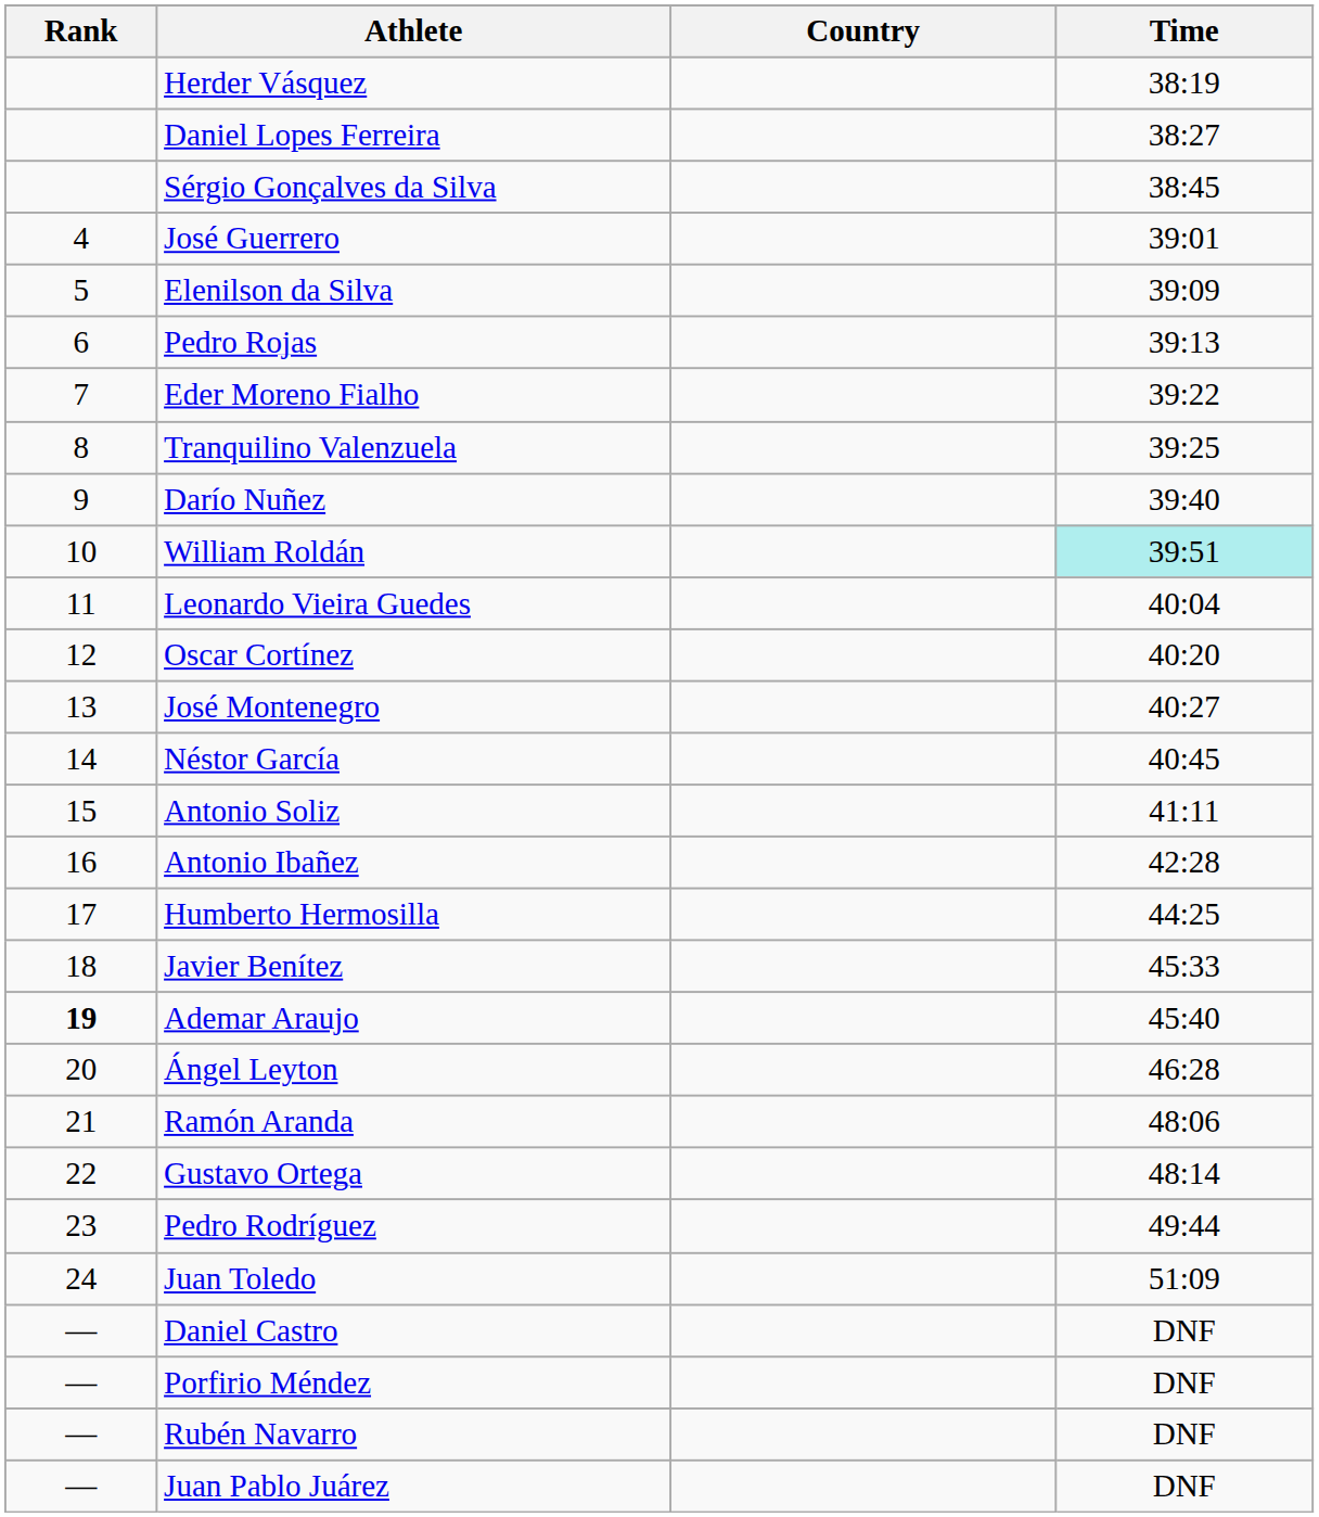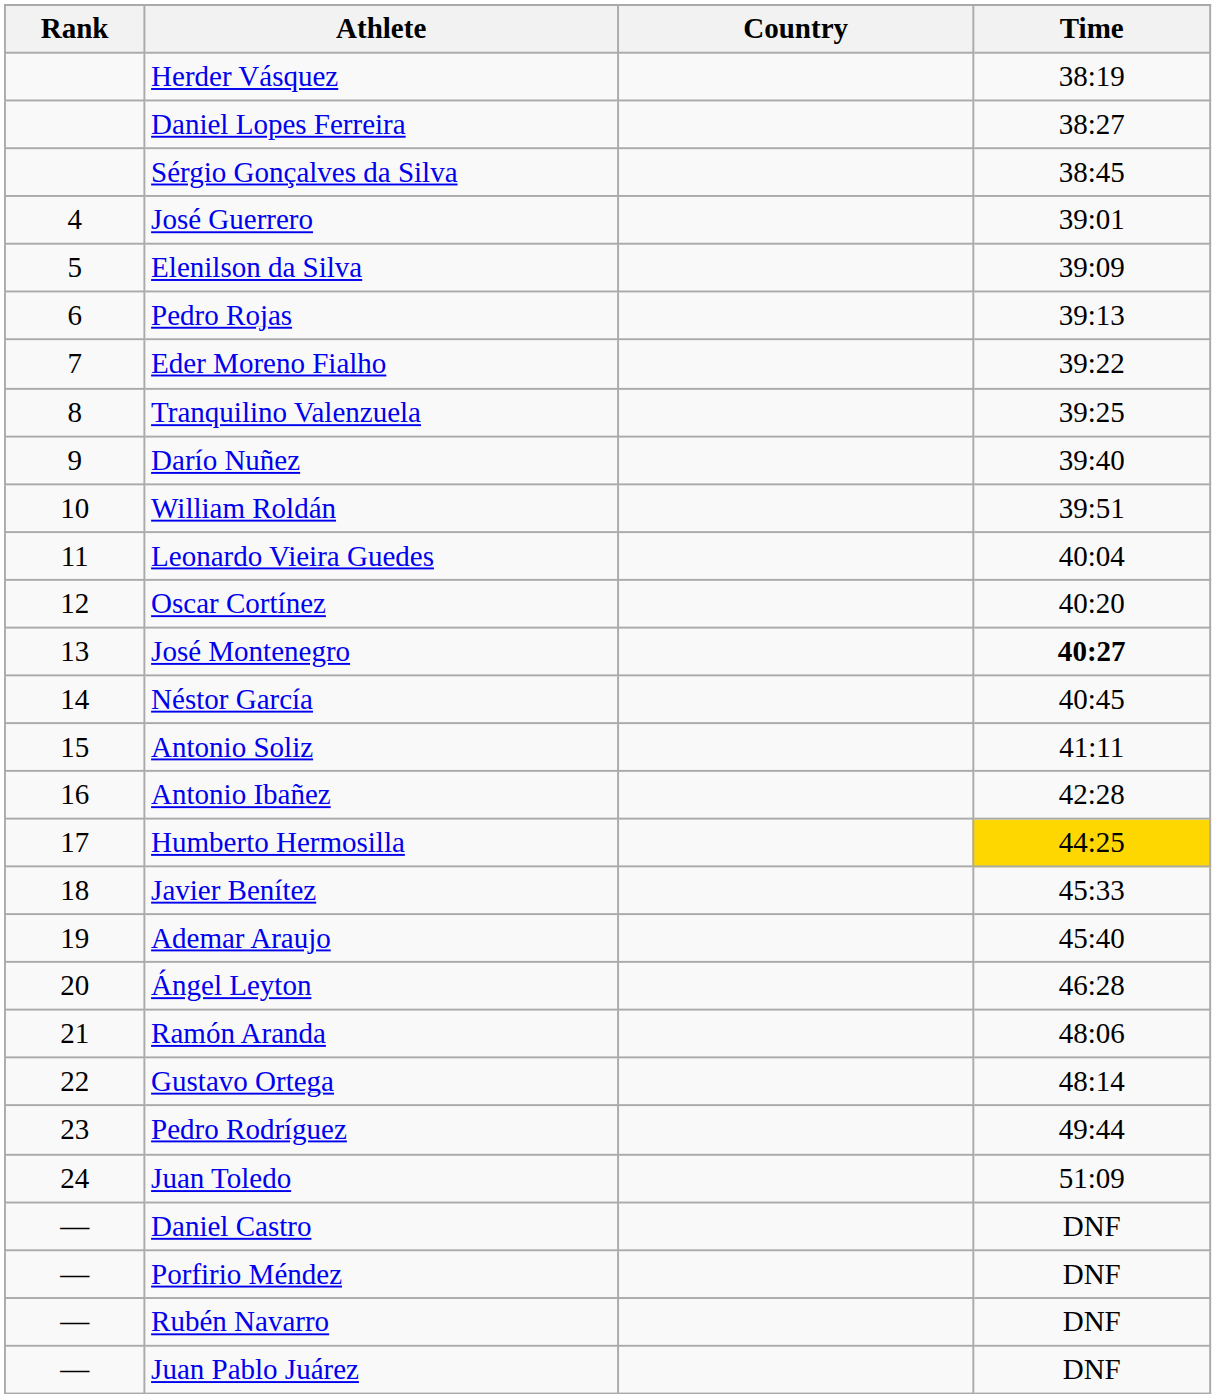 <table class="wikitable sortable" style=" text-align:center; font-size:95%;" width="50%">
 <tr>
 </tr>
 <tr>
 <th width=5%>Rank</th>
 <th width=20%>Athlete</th>
 <th width=15%>Country</th>
 <th width=10%>Time</th>
 </tr>
 <tr>
 <td align=center></td>
 <td align=left><a href='#'>Herder Vásquez</a></td>
 <td align=left></td>
 <td>38:19</td>
 </tr>
 <tr>
 <td align=center></td>
 <td align=left><a href='#'>Daniel Lopes Ferreira</a></td>
 <td align=left></td>
 <td>38:27</td>
 </tr>
 <tr>
 <td align=center></td>
 <td align=left><a href='#'>Sérgio Gonçalves da Silva</a></td>
 <td align=left></td>
 <td>38:45</td>
 </tr>
 <tr>
 <td align=center>4</td>
 <td align=left><a href='#'>José Guerrero</a></td>
 <td align=left></td>
 <td>39:01</td>
 </tr>
 <tr>
 <td align=center>5</td>
 <td align=left><a href='#'>Elenilson da Silva</a></td>
 <td align=left></td>
 <td>39:09</td>
 </tr>
 <tr>
 <td align=center>6</td>
 <td align=left><a href='#'>Pedro Rojas</a></td>
 <td align=left></td>
 <td>39:13</td>
 </tr>
 <tr>
 <td align=center>7</td>
 <td align=left><a href='#'>Eder Moreno Fialho</a></td>
 <td align=left></td>
 <td>39:22</td>
 </tr>
 <tr>
 <td align=center>8</td>
 <td align=left><a href='#'>Tranquilino Valenzuela</a></td>
 <td align=left></td>
 <td>39:25</td>
 </tr>
 <tr>
 <td align=center>9</td>
 <td align=left><a href='#'>Darío Nuñez</a></td>
 <td align=left></td>
 <td>39:40</td>
 </tr>
 <tr>
 <td align=center>10</td>
 <td align=left><a href='#'>William Roldán</a></td>
 <td align=left></td>
-<td style="background: paleturquoise;">39:51</td>
+<td>39:51</td>
 </tr>
 <tr>
 <td align=center>11</td>
 <td align=left><a href='#'>Leonardo Vieira Guedes</a></td>
 <td align=left></td>
 <td>40:04</td>
 </tr>
 <tr>
 <td align=center>12</td>
 <td align=left><a href='#'>Oscar Cortínez</a></td>
 <td align=left></td>
 <td>40:20</td>
 </tr>
 <tr>
 <td align=center>13</td>
 <td align=left><a href='#'>José Montenegro</a></td>
 <td align=left></td>
-<td>40:27</td>
+<td><strong>40:27</strong></td>
 </tr>
 <tr>
 <td align=center>14</td>
 <td align=left><a href='#'>Néstor García</a></td>
 <td align=left></td>
 <td>40:45</td>
 </tr>
 <tr>
 <td align=center>15</td>
 <td align=left><a href='#'>Antonio Soliz</a></td>
 <td align=left></td>
 <td>41:11</td>
 </tr>
 <tr>
 <td align=center>16</td>
 <td align=left><a href='#'>Antonio Ibañez</a></td>
 <td align=left></td>
 <td>42:28</td>
 </tr>
 <tr>
 <td align=center>17</td>
 <td align=left><a href='#'>Humberto Hermosilla</a></td>
 <td align=left></td>
-<td>44:25</td>
+<td style="background: gold;">44:25</td>
 </tr>
 <tr>
 <td align=center>18</td>
 <td align=left><a href='#'>Javier Benítez</a></td>
 <td align=left></td>
 <td>45:33</td>
 </tr>
 <tr>
-<td align=center><strong>19</strong></td>
+<td align=center>19</td>
 <td align=left><a href='#'>Ademar Araujo</a></td>
 <td align=left></td>
 <td>45:40</td>
 </tr>
 <tr>
 <td align=center>20</td>
 <td align=left><a href='#'>Ángel Leyton</a></td>
 <td align=left></td>
 <td>46:28</td>
 </tr>
 <tr>
 <td align=center>21</td>
 <td align=left><a href='#'>Ramón Aranda</a></td>
 <td align=left></td>
 <td>48:06</td>
 </tr>
 <tr>
 <td align=center>22</td>
 <td align=left><a href='#'>Gustavo Ortega</a></td>
 <td align=left></td>
 <td>48:14</td>
 </tr>
 <tr>
 <td align=center>23</td>
 <td align=left><a href='#'>Pedro Rodríguez</a></td>
 <td align=left></td>
 <td>49:44</td>
 </tr>
 <tr>
 <td align=center>24</td>
 <td align=left><a href='#'>Juan Toledo</a></td>
 <td align=left></td>
 <td>51:09</td>
 </tr>
 <tr>
 <td align=center>—</td>
 <td align=left><a href='#'>Daniel Castro</a></td>
 <td align=left></td>
 <td>DNF</td>
 </tr>
 <tr>
 <td align=center>—</td>
 <td align=left><a href='#'>Porfirio Méndez</a></td>
 <td align=left></td>
 <td>DNF</td>
 </tr>
 <tr>
 <td align=center>—</td>
 <td align=left><a href='#'>Rubén Navarro</a></td>
 <td align=left></td>
 <td>DNF</td>
 </tr>
 <tr>
 <td align=center>—</td>
 <td align=left><a href='#'>Juan Pablo Juárez</a></td>
 <td align=left></td>
 <td>DNF</td>
 </tr>
 </table>
